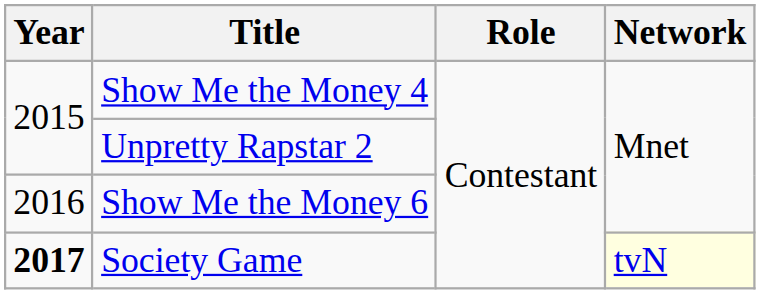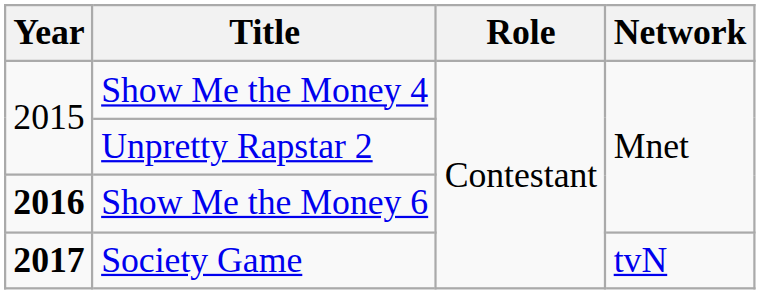 <table class="wikitable">
 <tr>
 <th>Year</th>
 <th>Title</th>
 <th>Role</th>
 <th>Network</th>
 </tr>
 <tr>
 <td rowspan="2">2015</td>
 <td><a href='#'>Show Me the Money 4</a></td>
 <td rowspan="4">Contestant</td>
 <td rowspan="3">Mnet</td>
 </tr>
 <tr>
 <td><a href='#'>Unpretty Rapstar 2</a></td>
 </tr>
 <tr>
-<td>2016</td>
+<td><strong>2016</strong></td>
 <td><a href='#'>Show Me the Money 6</a></td>
 </tr>
 <tr>
 <td><strong>2017</strong></td>
 <td><a href='#'>Society Game</a></td>
-<td style="background: lightyellow;"><a href='#'>tvN</a></td>
+<td><a href='#'>tvN</a></td>
 </tr>
 </table>
